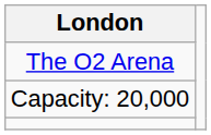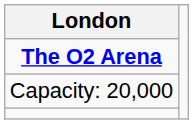 <table class="wikitable" style="margin:1em auto; text-align:center">
 <tr>
 <th>London</th>
 <td rowspan=4></td>
 </tr>
 <tr>
-<td><a href='#'>The O2 Arena</a></td>
+<td><strong><a href='#'>The O2 Arena</a></strong></td>
 </tr>
 <tr>
 <td>Capacity: 20,000</td>
 </tr>
 <tr>
 <td></td>
 </tr>
 </table>
